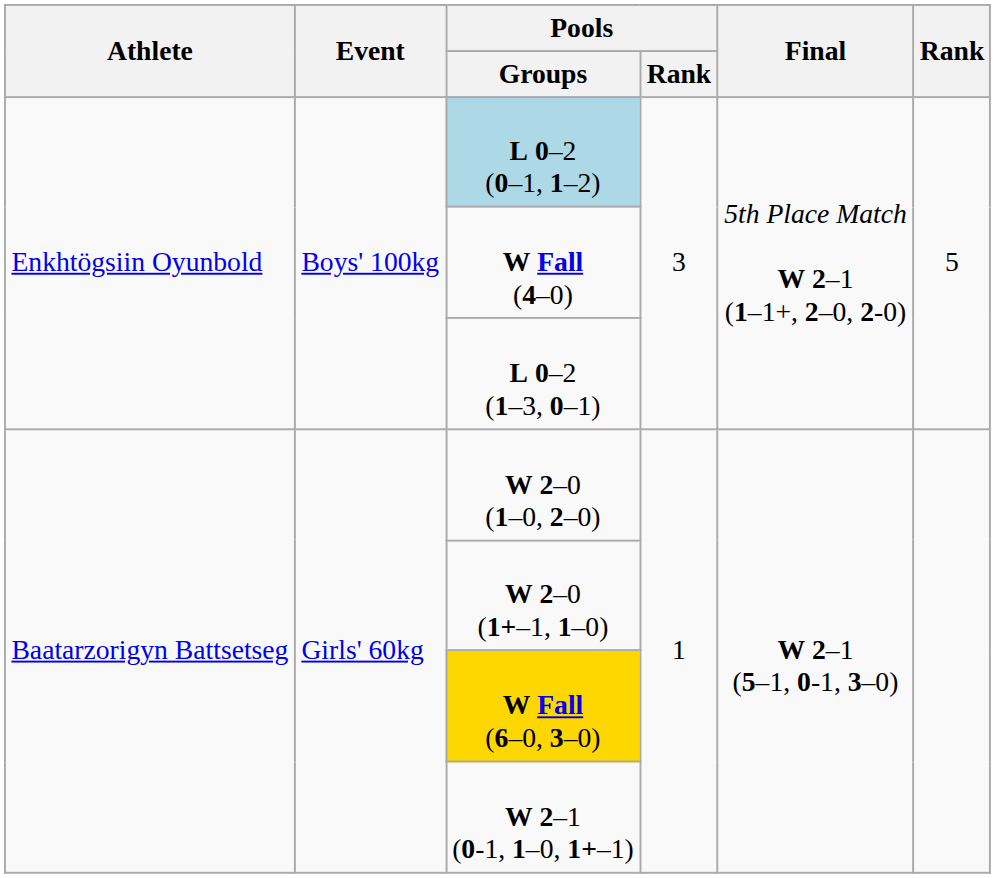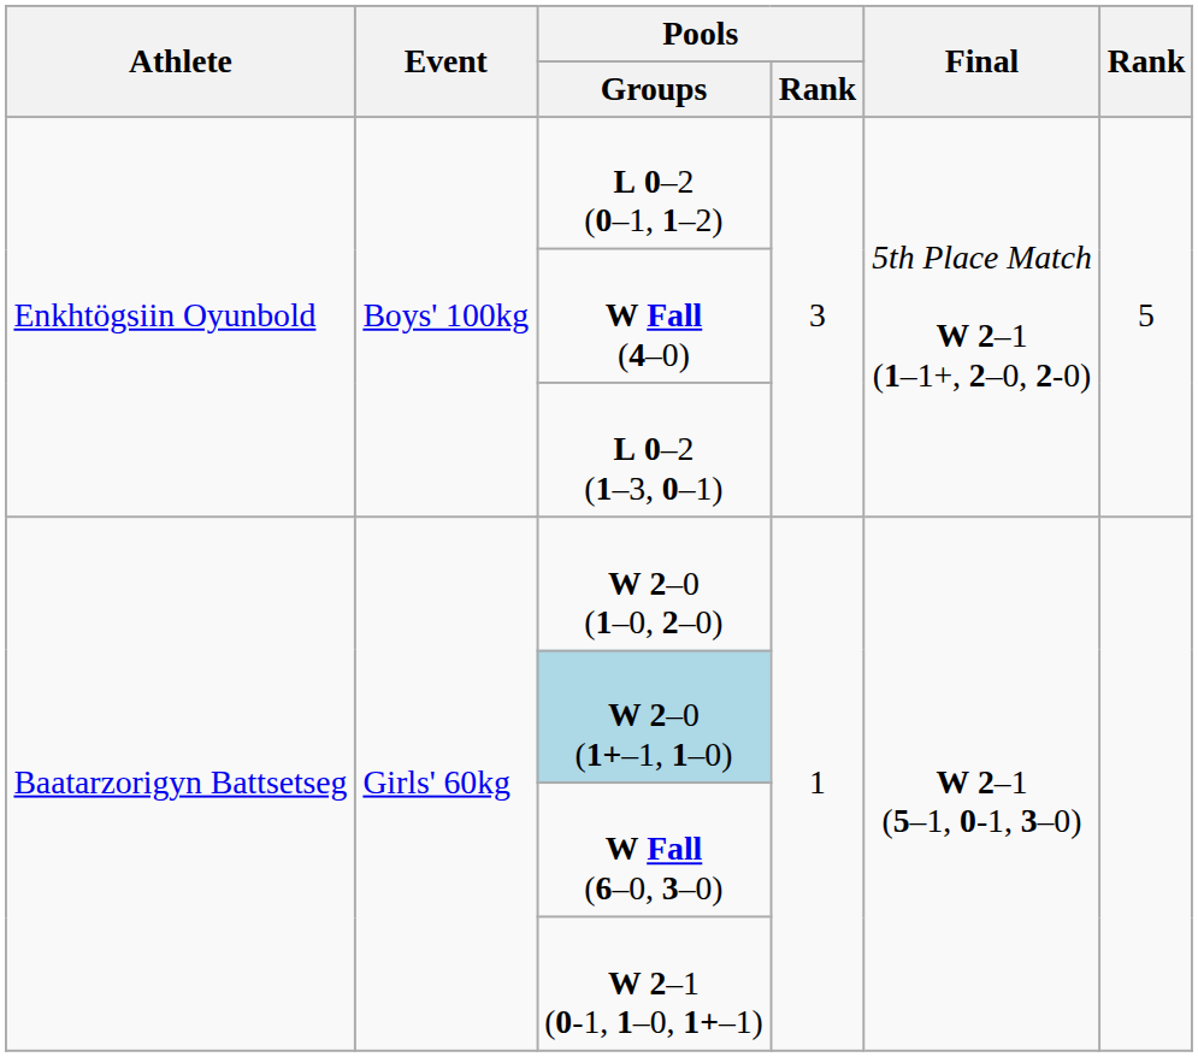 <table class="wikitable" style="text-align:left; font-size:90%">
 <tr>
 <th rowspan="2">Athlete</th>
 <th rowspan="2">Event</th>
 <th colspan="2">Pools</th>
 <th rowspan="2">Final</th>
 <th rowspan="2">Rank</th>
 </tr>
 <tr>
 <th>Groups</th>
 <th>Rank</th>
 </tr>
 <tr>
 <td rowspan="3"><a href='#'>Enkhtögsiin Oyunbold</a></td>
 <td rowspan="3"><a href='#'>Boys' 100kg</a></td>
-<td align=center style="background: lightblue;"><br><strong>L</strong> <strong>0</strong>–2<br>(<strong>0</strong>–1, <strong>1</strong>–2)</td>
+<td align=center><br><strong>L</strong> <strong>0</strong>–2<br>(<strong>0</strong>–1, <strong>1</strong>–2)</td>
 <td rowspan="3" align=center>3</td>
 <td align=center rowspan=3><em>5th Place Match</em><br><br><strong>W</strong> <strong>2</strong>–1<br>(<strong>1</strong>–1+, <strong>2</strong>–0, <strong>2</strong>-0)</td>
 <td rowspan="3" align="center">5</td>
 </tr>
 <tr>
 <td align=center><br><strong>W</strong> <strong><a href='#'>Fall</a></strong><br>(<strong>4</strong>–0)</td>
 </tr>
 <tr>
 <td align=center><br><strong>L</strong> <strong>0</strong>–2<br>(<strong>1</strong>–3, <strong>0</strong>–1)</td>
 </tr>
 <tr>
 <td rowspan="4"><a href='#'>Baatarzorigyn Battsetseg</a></td>
 <td rowspan="4"><a href='#'>Girls' 60kg</a></td>
 <td align=center><br><strong>W</strong> <strong>2</strong>–0<br>(<strong>1</strong>–0, <strong>2</strong>–0)</td>
 <td rowspan="4" align=center>1</td>
 <td align=center rowspan=4><br><strong>W</strong> <strong>2</strong>–1<br>(<strong>5</strong>–1, <strong>0</strong>-1, <strong>3</strong>–0)</td>
 <td rowspan="4" align="center"></td>
 </tr>
 <tr>
-<td align=center><br><strong>W</strong> <strong>2</strong>–0<br>(<strong>1+</strong>–1, <strong>1</strong>–0)</td>
+<td align=center style="background: lightblue;"><br><strong>W</strong> <strong>2</strong>–0<br>(<strong>1+</strong>–1, <strong>1</strong>–0)</td>
 </tr>
 <tr>
-<td align=center style="background: gold;"><br><strong>W</strong> <strong><a href='#'>Fall</a></strong><br>(<strong>6</strong>–0, <strong>3</strong>–0)</td>
+<td align=center><br><strong>W</strong> <strong><a href='#'>Fall</a></strong><br>(<strong>6</strong>–0, <strong>3</strong>–0)</td>
 </tr>
 <tr>
 <td align=center><br><strong>W</strong> <strong>2</strong>–1<br>(<strong>0</strong>-1, <strong>1</strong>–0, <strong>1+</strong>–1)</td>
 </tr>
 </table>
